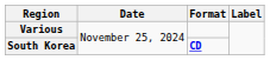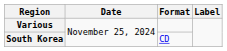 <table class="wikitable plainrowheaders">
 <tr>
 <th scope="col">Region</th>
 <th scope="col">Date</th>
 <th scope="col">Format</th>
 <th scope="col">Label</th>
 </tr>
 <tr>
 <th scope="row">Various</th>
 <td rowspan="2">November 25, 2024</td>
 <td></td>
 <td rowspan="2"></td>
 </tr>
 <tr>
 <th scope="row">South Korea</th>
-<td><strong><a href='#'>CD</a></strong></td>
+<td><a href='#'>CD</a></td>
 </tr>
 </table>
